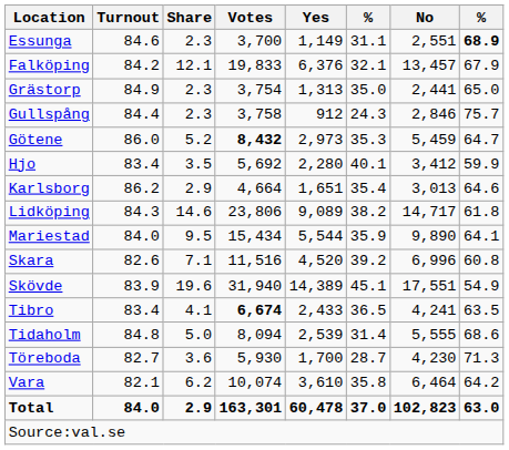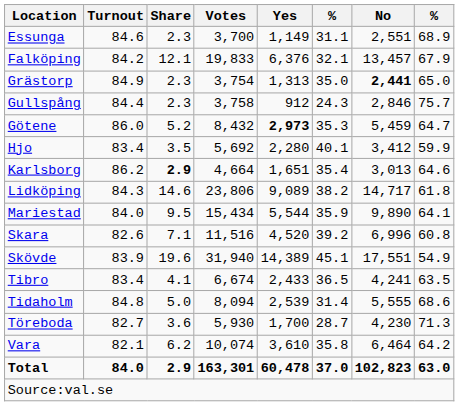 <table class="wikitable sortable" style=text-align:right>
 <tr>
 <th>Location</th>
 <th>Turnout</th>
 <th>Share</th>
 <th>Votes</th>
 <th>Yes</th>
 <th>%</th>
 <th>No</th>
 <th>%</th>
 </tr>
 <tr>
 <td align=left><a href='#'>Essunga</a></td>
 <td>84.6</td>
 <td>2.3</td>
 <td>3,700</td>
 <td>1,149</td>
 <td>31.1</td>
 <td>2,551</td>
-<td><strong>68.9</strong></td>
+<td>68.9</td>
 </tr>
 <tr>
 <td align=left><a href='#'>Falköping</a></td>
 <td>84.2</td>
 <td>12.1</td>
 <td>19,833</td>
 <td>6,376</td>
 <td>32.1</td>
 <td>13,457</td>
 <td>67.9</td>
 </tr>
 <tr>
 <td align=left><a href='#'>Grästorp</a></td>
 <td>84.9</td>
 <td>2.3</td>
 <td>3,754</td>
 <td>1,313</td>
 <td>35.0</td>
-<td>2,441</td>
+<td><strong>2,441</strong></td>
 <td>65.0</td>
 </tr>
 <tr>
 <td align=left><a href='#'>Gullspång</a></td>
 <td>84.4</td>
 <td>2.3</td>
 <td>3,758</td>
 <td>912</td>
 <td>24.3</td>
 <td>2,846</td>
 <td>75.7</td>
 </tr>
 <tr>
 <td align=left><a href='#'>Götene</a></td>
 <td>86.0</td>
 <td>5.2</td>
-<td><strong>8,432</strong></td>
-<td>2,973</td>
+<td>8,432</td>
+<td><strong>2,973</strong></td>
 <td>35.3</td>
 <td>5,459</td>
 <td>64.7</td>
 </tr>
 <tr>
 <td align=left><a href='#'>Hjo</a></td>
 <td>83.4</td>
 <td>3.5</td>
 <td>5,692</td>
 <td>2,280</td>
 <td>40.1</td>
 <td>3,412</td>
 <td>59.9</td>
 </tr>
 <tr>
 <td align=left><a href='#'>Karlsborg</a></td>
 <td>86.2</td>
-<td>2.9</td>
+<td><strong>2.9</strong></td>
 <td>4,664</td>
 <td>1,651</td>
 <td>35.4</td>
 <td>3,013</td>
 <td>64.6</td>
 </tr>
 <tr>
 <td align=left><a href='#'>Lidköping</a></td>
 <td>84.3</td>
 <td>14.6</td>
 <td>23,806</td>
 <td>9,089</td>
 <td>38.2</td>
 <td>14,717</td>
 <td>61.8</td>
 </tr>
 <tr>
 <td align=left><a href='#'>Mariestad</a></td>
 <td>84.0</td>
 <td>9.5</td>
 <td>15,434</td>
 <td>5,544</td>
 <td>35.9</td>
 <td>9,890</td>
 <td>64.1</td>
 </tr>
 <tr>
 <td align=left><a href='#'>Skara</a></td>
 <td>82.6</td>
 <td>7.1</td>
 <td>11,516</td>
 <td>4,520</td>
 <td>39.2</td>
 <td>6,996</td>
 <td>60.8</td>
 </tr>
 <tr>
 <td align=left><a href='#'>Skövde</a></td>
 <td>83.9</td>
 <td>19.6</td>
 <td>31,940</td>
 <td>14,389</td>
 <td>45.1</td>
 <td>17,551</td>
 <td>54.9</td>
 </tr>
 <tr>
 <td align=left><a href='#'>Tibro</a></td>
 <td>83.4</td>
 <td>4.1</td>
-<td><strong>6,674</strong></td>
+<td>6,674</td>
 <td>2,433</td>
 <td>36.5</td>
 <td>4,241</td>
 <td>63.5</td>
 </tr>
 <tr>
 <td align=left><a href='#'>Tidaholm</a></td>
 <td>84.8</td>
 <td>5.0</td>
 <td>8,094</td>
 <td>2,539</td>
 <td>31.4</td>
 <td>5,555</td>
 <td>68.6</td>
 </tr>
 <tr>
 <td align=left><a href='#'>Töreboda</a></td>
 <td>82.7</td>
 <td>3.6</td>
 <td>5,930</td>
 <td>1,700</td>
 <td>28.7</td>
 <td>4,230</td>
 <td>71.3</td>
 </tr>
 <tr>
 <td align=left><a href='#'>Vara</a></td>
 <td>82.1</td>
 <td>6.2</td>
 <td>10,074</td>
 <td>3,610</td>
 <td>35.8</td>
 <td>6,464</td>
 <td>64.2</td>
 </tr>
 <tr>
 <td align=left><strong>Total</strong></td>
 <td><strong>84.0</strong></td>
 <td><strong>2.9</strong></td>
 <td><strong>163,301</strong></td>
 <td><strong>60,478</strong></td>
 <td><strong>37.0</strong></td>
 <td><strong>102,823</strong></td>
 <td><strong>63.0</strong></td>
 </tr>
 <tr>
 <td align=left colspan=8>Source:val.se </td>
 </tr>
 </table>
